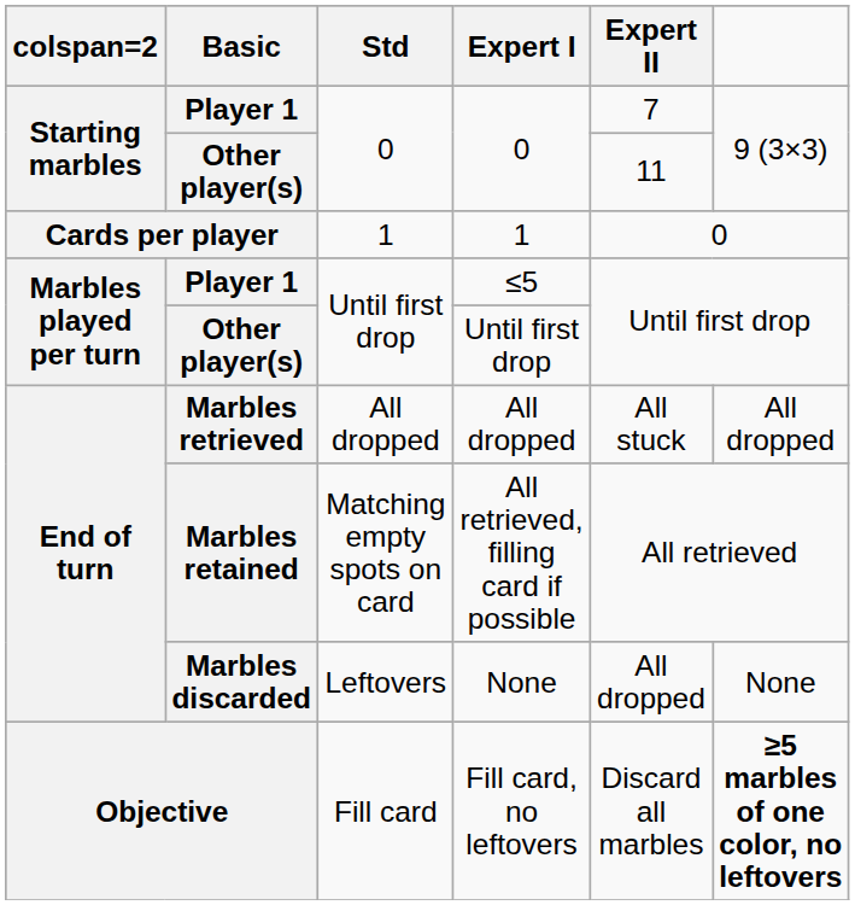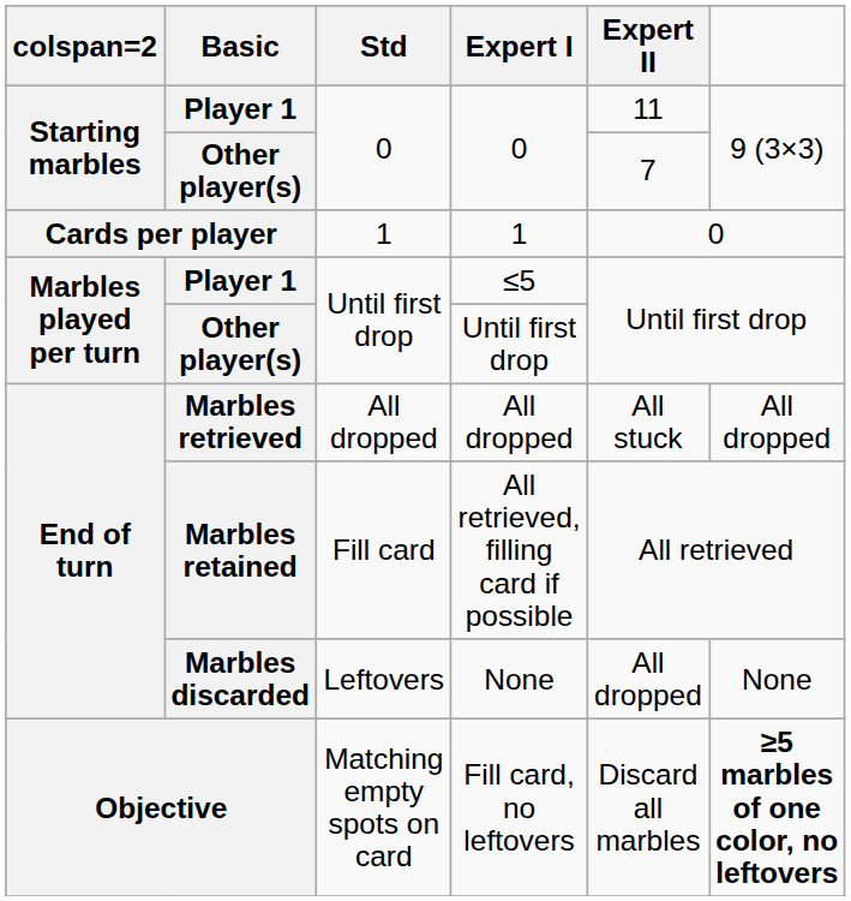 <table class="wikitable floatright" style="font-size:90%;text-align:center;width:25em;">
 <tr>
 <th>colspan=2 </th>
 <th>Basic</th>
 <th>Std</th>
 <th>Expert I</th>
 <th>Expert II</th>
 </tr>
 <tr>
 <th rowspan=2>Starting marbles</th>
 <th>Player 1</th>
 <td rowspan=2>0</td>
 <td rowspan=2>0</td>
-<td>7</td>
+<td>11</td>
 <td rowspan=2>9 (3×3)</td>
 </tr>
 <tr>
 <th>Other player(s)</th>
-<td>11</td>
+<td>7</td>
 </tr>
 <tr>
 <th colspan=2>Cards per player</th>
 <td>1</td>
 <td>1</td>
 <td colspan=2>0</td>
 </tr>
 <tr>
 <th rowspan=2>Marbles played per turn</th>
 <th>Player 1</th>
 <td rowspan=2>Until first drop</td>
 <td>≤5</td>
 <td rowspan=2 colspan=2>Until first drop</td>
 </tr>
 <tr>
 <th>Other player(s)</th>
 <td>Until first drop</td>
 </tr>
 <tr>
 <th rowspan=3>End of turn</th>
 <th>Marbles retrieved</th>
 <td>All dropped</td>
 <td>All dropped</td>
 <td>All stuck</td>
 <td>All dropped</td>
 </tr>
 <tr>
 <th>Marbles retained</th>
-<td>Matching empty spots on card</td>
+<td>Fill card</td>
 <td>All retrieved, filling card if possible</td>
 <td colspan=2>All retrieved</td>
 </tr>
 <tr>
 <th>Marbles discarded</th>
 <td>Leftovers</td>
 <td>None</td>
 <td>All dropped</td>
 <td>None</td>
 </tr>
 <tr>
 <th colspan=2>Objective</th>
-<td>Fill card</td>
+<td>Matching empty spots on card</td>
 <td>Fill card, no leftovers</td>
 <td>Discard all marbles</td>
 <td><strong>≥5 marbles of one color, no leftovers</strong></td>
 </tr>
 </table>
